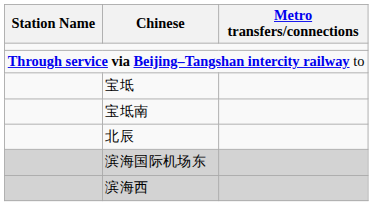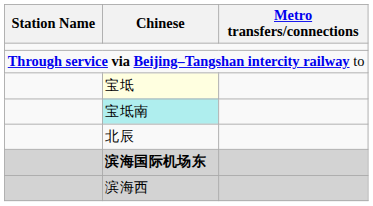 <table class="wikitable">
 <tr>
 <th>Station Name</th>
 <th>Chinese<br> </th>
 <th><a href='#'>Metro</a><br>transfers/connections<br></th>
 </tr>
 <tr style="background:#">
 <td colspan = "11"></td>
 </tr>
 <tr>
 <td colspan = "6" align= "center"><strong><a href='#'>Through service</a> via <a href='#'>Beijing–Tangshan intercity railway</a></strong> to </td>
 </tr>
 <tr>
 <td></td>
-<td>宝坻</td>
+<td style="background: lightyellow;">宝坻</td>
 <td></td>
 </tr>
 <tr>
 <td></td>
-<td>宝坻南</td>
+<td style="background: paleturquoise;">宝坻南</td>
 <td></td>
 </tr>
 <tr>
 <td></td>
 <td>北辰</td>
 <td></td>
 </tr>
 <tr bgcolor="lightgrey">
 <td></td>
-<td>滨海国际机场东</td>
+<td><strong>滨海国际机场东</strong></td>
 <td></td>
 </tr>
 <tr bgcolor="lightgrey">
 <td></td>
 <td>滨海西</td>
 <td></td>
 </tr>
 </table>
